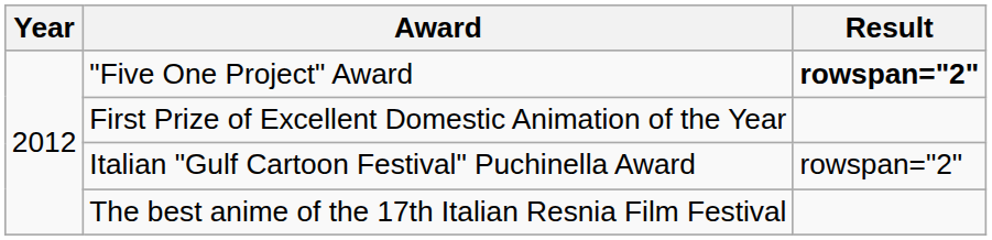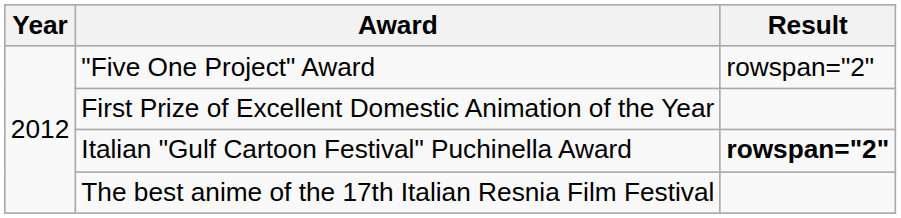 <table class="wikitable">
 <tr>
 <th>Year</th>
 <th>Award</th>
 <th>Result</th>
 </tr>
 <tr>
 <td rowspan="4">2012</td>
 <td>"Five One Project" Award</td>
-<td><strong>rowspan="2" </strong></td>
+<td>rowspan="2" </td>
 </tr>
 <tr>
 <td>First Prize of Excellent Domestic Animation of the Year</td>
 </tr>
 <tr>
 <td>Italian "Gulf Cartoon Festival" Puchinella Award</td>
-<td>rowspan="2" </td>
+<td><strong>rowspan="2" </strong></td>
 </tr>
 <tr>
 <td>The best anime of the 17th Italian Resnia Film Festival</td>
 </tr>
 </table>
